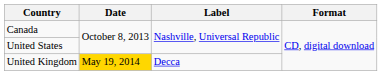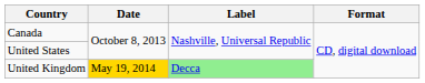 <table class="wikitable plainrowheaders">
 <tr>
 <th scope="col">Country</th>
 <th scope="col">Date</th>
 <th scope="col">Label</th>
 <th scope="col">Format</th>
 </tr>
 <tr>
 <td>Canada</td>
 <td rowspan="2">October 8, 2013</td>
 <td rowspan="2"><a href='#'>Nashville</a>, <a href='#'>Universal Republic</a></td>
 <td rowspan="3"><a href='#'>CD</a>, <a href='#'>digital download</a></td>
 </tr>
 <tr>
 <td>United States</td>
 </tr>
 <tr>
 <td>United Kingdom</td>
 <td style="background: gold;">May 19, 2014</td>
-<td><a href='#'>Decca</a></td>
+<td style="background: lightgreen;"><a href='#'>Decca</a></td>
 </tr>
 </table>
